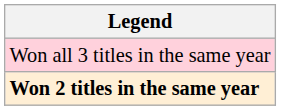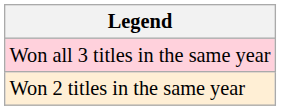 <table class="wikitable" style="font-size:95%;">
 <tr>
 <th>Legend</th>
 </tr>
 <tr>
 <td bgcolor=FFD1DC>Won all 3 titles in the same year</td>
 </tr>
 <tr>
-<td bgcolor=FFEFD5><strong>Won 2 titles in the same year</strong></td>
+<td bgcolor=FFEFD5>Won 2 titles in the same year</td>
 </tr>
 </table>
